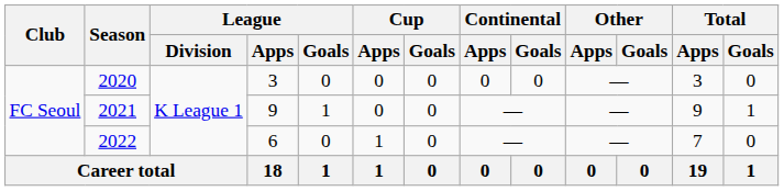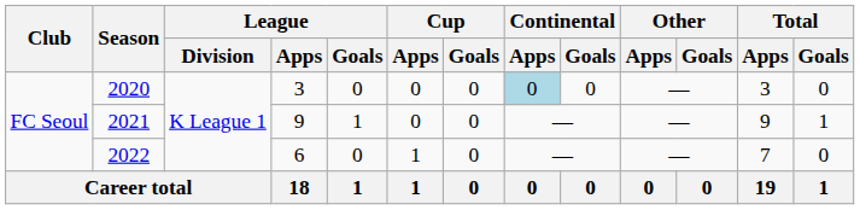 <table class="wikitable" style="text-align: center">
 <tr>
 <th rowspan="2">Club</th>
 <th rowspan="2">Season</th>
 <th colspan="3">League</th>
 <th colspan="2">Cup</th>
 <th colspan="2">Continental</th>
 <th colspan="2">Other</th>
 <th colspan="2">Total</th>
 </tr>
 <tr>
 <th>Division</th>
 <th>Apps</th>
 <th>Goals</th>
 <th>Apps</th>
 <th>Goals</th>
 <th>Apps</th>
 <th>Goals</th>
 <th>Apps</th>
 <th>Goals</th>
 <th>Apps</th>
 <th>Goals</th>
 </tr>
 <tr>
 <td rowspan=3><a href='#'>FC Seoul</a></td>
 <td><a href='#'>2020</a></td>
 <td rowspan=3><a href='#'>K League 1</a></td>
 <td>3</td>
 <td>0</td>
 <td>0</td>
 <td>0</td>
-<td>0</td>
+<td style="background: lightblue;">0</td>
 <td>0</td>
 <td colspan=2>—</td>
 <td>3</td>
 <td>0</td>
 </tr>
 <tr>
 <td><a href='#'>2021</a></td>
 <td>9</td>
 <td>1</td>
 <td>0</td>
 <td>0</td>
 <td colspan=2>—</td>
 <td colspan=2>—</td>
 <td>9</td>
 <td>1</td>
 </tr>
 <tr>
 <td><a href='#'>2022</a></td>
 <td>6</td>
 <td>0</td>
 <td>1</td>
 <td>0</td>
 <td colspan=2>—</td>
 <td colspan=2>—</td>
 <td>7</td>
 <td>0</td>
 </tr>
 <tr>
 <th colspan=3>Career total</th>
 <th>18</th>
 <th>1</th>
 <th>1</th>
 <th>0</th>
 <th>0</th>
 <th>0</th>
 <th>0</th>
 <th>0</th>
 <th>19</th>
 <th>1</th>
 </tr>
 </table>
